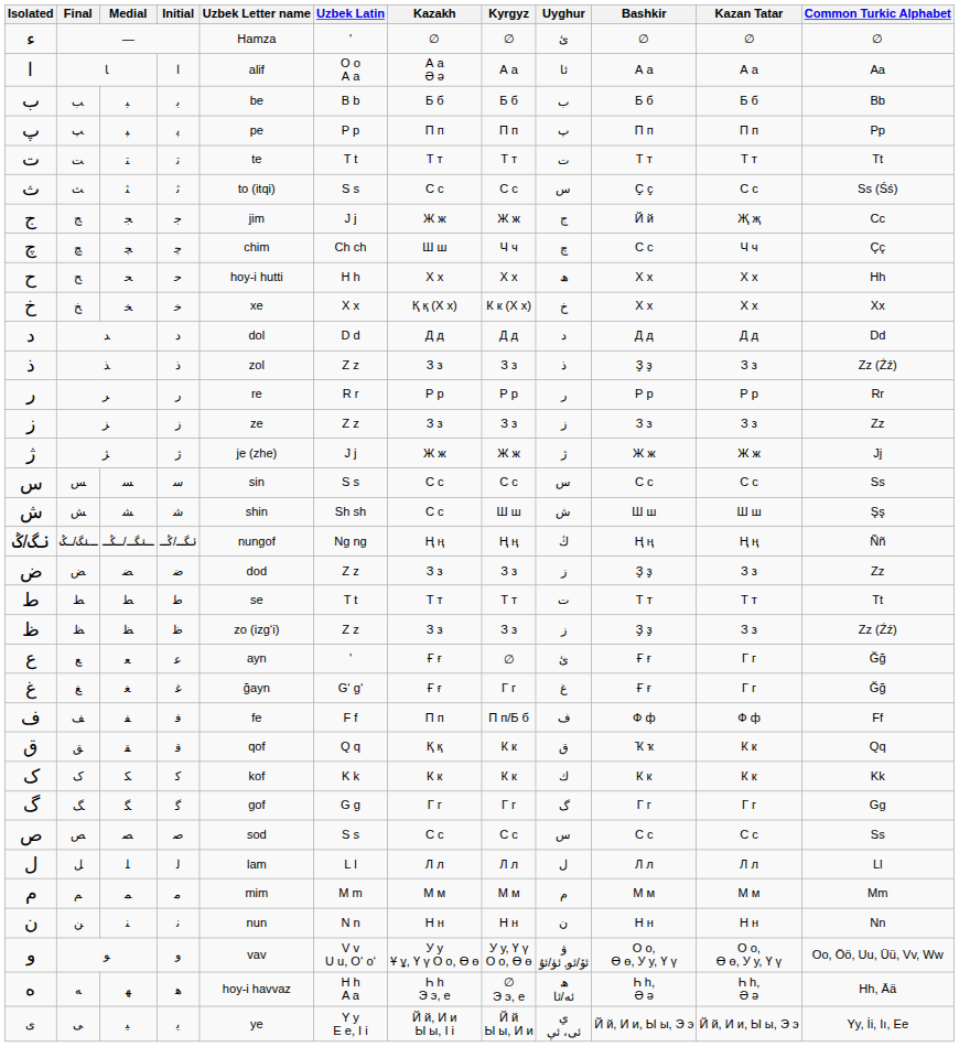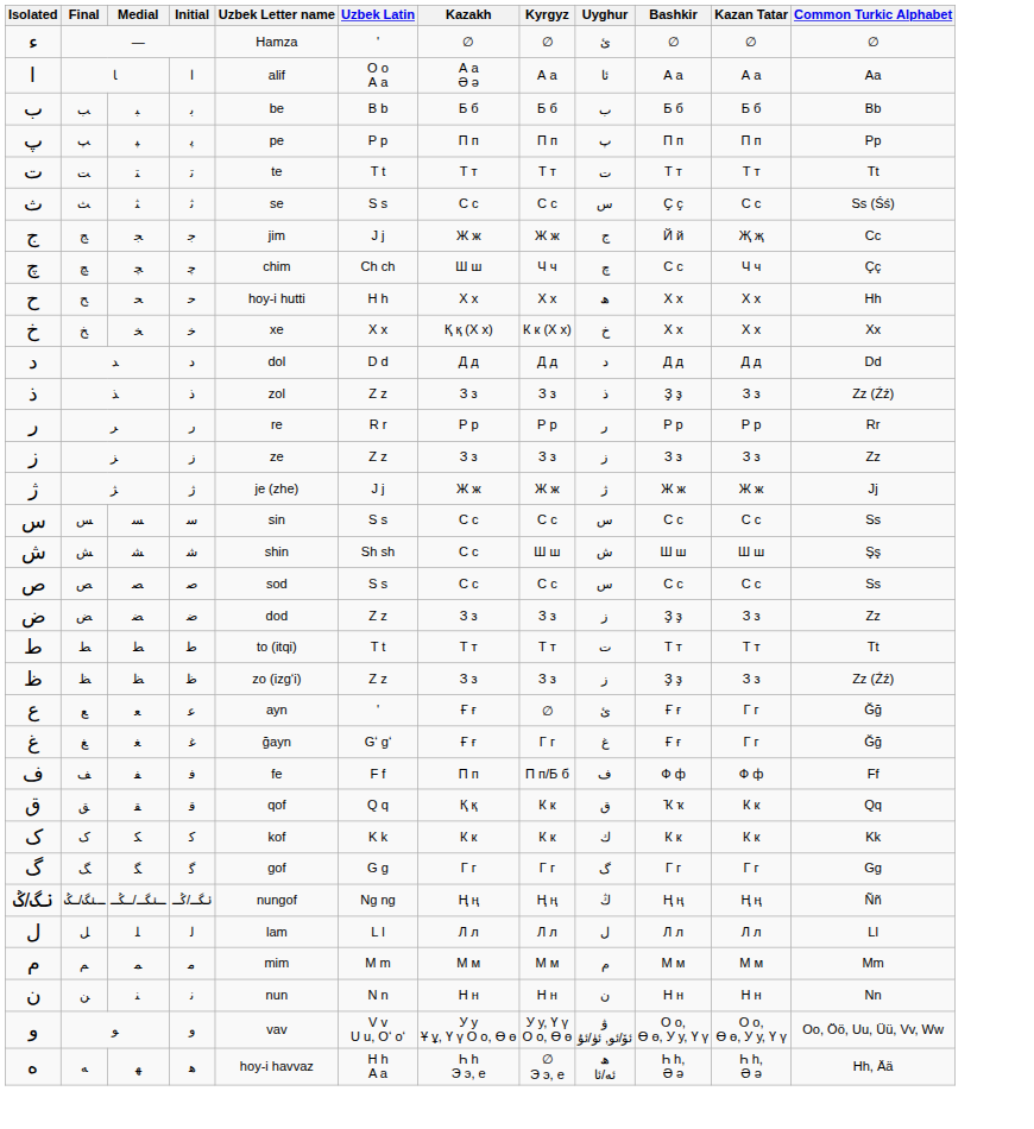 <table class="wikitable" style="text-align:center">
 <tr>
 <th>Isolated</th>
 <th>Final</th>
 <th>Medial</th>
 <th>Initial</th>
 <th>Uzbek Letter name</th>
 <th><a href='#'>Uzbek Latin</a></th>
 <th>Kazakh</th>
 <th>Kyrgyz</th>
 <th>Uyghur</th>
 <th>Bashkir</th>
 <th>Kazan Tatar</th>
 <th><a href='#'>Common Turkic Alphabet</a></th>
 </tr>
 <tr>
 <td style="font-size:150%">ﺀ</td>
 <td colspan="3">—</td>
 <td>Hamza</td>
 <td>'</td>
 <td>∅</td>
 <td>∅</td>
 <td>ئ</td>
 <td>∅</td>
 <td>∅</td>
 <td>∅</td>
 </tr>
 <tr>
 <td style="font-size:150%">ﺍ</td>
 <td colspan="2">ﺎ</td>
 <td>ﺍ</td>
 <td>alif</td>
 <td>О о<br>А а</td>
 <td>А а<br>Ә ә</td>
 <td>А а</td>
 <td>ئا</td>
 <td>А а</td>
 <td>А а</td>
 <td>Aa</td>
 </tr>
 <tr>
 <td style="font-size:150%">ﺏ</td>
 <td>ﺐ</td>
 <td>ﺒ</td>
 <td>ﺑ</td>
 <td>be</td>
 <td>B b</td>
 <td>Б б</td>
 <td>Б б</td>
 <td>ﺏ</td>
 <td>Б б</td>
 <td>Б б</td>
 <td>Bb</td>
 </tr>
 <tr>
 <td style="font-size:150%">ﭖ</td>
 <td>ﭗ</td>
 <td>ﭙ</td>
 <td>ﭘ</td>
 <td>pe</td>
 <td>P p</td>
 <td>П п</td>
 <td>П п</td>
 <td>ﭖ</td>
 <td>П п</td>
 <td>П п</td>
 <td>Pp</td>
 </tr>
 <tr>
 <td style="font-size:150%">ﺕ</td>
 <td>ﺖ</td>
 <td>ﺘ</td>
 <td>ﺗ</td>
 <td>te</td>
 <td>T t</td>
 <td>Т т</td>
 <td>Т т</td>
 <td>ﺕ</td>
 <td>Т т</td>
 <td>Т т</td>
 <td>Tt</td>
 </tr>
 <tr>
 <td style="font-size:150%">ﺙ</td>
 <td>ﺚ</td>
 <td>ﺜ</td>
 <td>ﺛ</td>
-<td>to (itqi)</td>
+<td>se</td>
 <td>S s</td>
 <td>С с</td>
 <td>С с</td>
 <td>س</td>
 <td>Ҫ ҫ</td>
 <td>С с</td>
 <td>Ss (Śś)</td>
 </tr>
 <tr>
 <td style="font-size:150%">ﺝ</td>
 <td>ﺞ</td>
 <td>ﺠ</td>
 <td>ﺟ</td>
 <td>jim</td>
 <td>J j</td>
 <td>Ж ж</td>
 <td>Ж ж</td>
 <td>ﺝ</td>
 <td>Й й</td>
 <td>Җ җ</td>
 <td>Cc</td>
 </tr>
 <tr>
 <td style="font-size:150%">ﭺ</td>
 <td>ﭻ</td>
 <td>ﭽ</td>
 <td>ﭼ</td>
 <td>chim</td>
 <td>Ch ch</td>
 <td>Ш ш</td>
 <td>Ч ч</td>
 <td>ﭺ</td>
 <td>С с</td>
 <td>Ч ч</td>
 <td>Çç</td>
 </tr>
 <tr>
 <td style="font-size:150%">ﺡ</td>
 <td>ﺢ</td>
 <td>ﺤ</td>
 <td>ﺣ</td>
 <td>hoy-i hutti</td>
 <td>H h</td>
 <td>X x</td>
 <td>X x</td>
 <td>ھ</td>
 <td>Х х</td>
 <td>Х х</td>
 <td>Hh</td>
 </tr>
 <tr>
 <td style="font-size:150%">ﺥ</td>
 <td>ﺦ</td>
 <td>ﺨ</td>
 <td>ﺧ</td>
 <td>xe</td>
 <td>X x</td>
 <td>Қ қ (Х х)</td>
 <td>К к (Х х)</td>
 <td>ﺥ</td>
 <td>Х х</td>
 <td>Х х</td>
 <td>Xx</td>
 </tr>
 <tr>
 <td style="font-size:150%">ﺩ</td>
 <td colspan="2">ﺪ</td>
 <td>ﺩ</td>
 <td>dol</td>
 <td>D d</td>
 <td>Д д</td>
 <td>Д д</td>
 <td>ﺩ</td>
 <td>Д д</td>
 <td>Д д</td>
 <td>Dd</td>
 </tr>
 <tr>
 <td style="font-size:150%">ﺫ</td>
 <td colspan="2">ﺬ</td>
 <td>ﺫ</td>
 <td>zol</td>
 <td>Z z</td>
 <td>З з</td>
 <td>З з</td>
 <td>ذ</td>
 <td>Ҙ ҙ</td>
 <td>З з</td>
 <td>Zz (Źź)</td>
 </tr>
 <tr>
 <td style="font-size:150%">ﺭ</td>
 <td colspan="2">ﺮ</td>
 <td>ﺭ</td>
 <td>re</td>
 <td>R r</td>
 <td>Р р</td>
 <td>Р р</td>
 <td>ﺭ</td>
 <td>Р р</td>
 <td>Р р</td>
 <td>Rr</td>
 </tr>
 <tr>
 <td style="font-size:150%">ﺯ</td>
 <td colspan="2">ﺰ</td>
 <td>ﺯ</td>
 <td>ze</td>
 <td>Z z</td>
 <td>З з</td>
 <td>З з</td>
 <td>ﺯ</td>
 <td>З з</td>
 <td>З з</td>
 <td>Zz</td>
 </tr>
 <tr>
 <td style="font-size:150%">ﮊ</td>
 <td colspan="2">ﮋ</td>
 <td>ﮊ</td>
 <td>je (zhe)</td>
 <td>J j</td>
 <td>Ж ж</td>
 <td>Ж ж</td>
 <td>ﮊ</td>
 <td>Ж ж</td>
 <td>Ж ж</td>
 <td>Jj</td>
 </tr>
 <tr>
 <td style="font-size:150%">ﺱ</td>
 <td>ﺲ</td>
 <td>ﺴ</td>
 <td>ﺳ</td>
 <td>sin</td>
 <td>S s</td>
 <td>С с</td>
 <td>С с</td>
 <td>ﺱ</td>
 <td>С с</td>
 <td>С с</td>
 <td>Ss</td>
 </tr>
 <tr>
 <td style="font-size:150%">ﺵ</td>
 <td>ﺶ</td>
 <td>ﺸ</td>
 <td>ﺷ</td>
 <td>shin</td>
 <td>Sh sh</td>
 <td>С с</td>
 <td>Ш ш</td>
 <td>ﺵ</td>
 <td>Ш ш</td>
 <td>Ш ш</td>
 <td>Şş</td>
 </tr>
 <tr>
-<td style="font-size:150%">نگ/ݣ</td>
-<td>ـنگ/ـݣ</td>
-<td>ـنگـ/ـݣـ</td>
-<td>نگـ/ݣـ</td>
-<td>nungof</td>
-<td>Ng ng</td>
-<td>Ң ң</td>
-<td>Ң ң</td>
-<td>ڭ</td>
-<td>Ң ң</td>
-<td>Ң ң</td>
-<td>Ññ</td>
+<td style="font-size:150%">ﺹ</td>
+<td>ﺺ</td>
+<td>ﺼ</td>
+<td>ﺻ</td>
+<td>sod</td>
+<td>S s</td>
+<td>С с</td>
+<td>С с</td>
+<td>س</td>
+<td>С с</td>
+<td>С с</td>
+<td>Ss</td>
 </tr>
 <tr>
 <td style="font-size:150%">ﺽ</td>
 <td>ﺾ</td>
 <td>ﻀ</td>
 <td>ﺿ</td>
 <td>dod</td>
 <td>Z z</td>
 <td>З з</td>
 <td>З з</td>
 <td>ز</td>
 <td>Ҙ ҙ</td>
 <td>З з</td>
 <td>Zz</td>
 </tr>
 <tr>
 <td style="font-size:150%">ﻁ</td>
 <td>ﻂ</td>
 <td>ﻄ</td>
 <td>ﻃ</td>
-<td>se</td>
+<td>to (itqi)</td>
 <td>T t</td>
 <td>Т т</td>
 <td>Т т</td>
 <td>ت</td>
 <td>Т т</td>
 <td>Т т</td>
 <td>Tt</td>
 </tr>
 <tr>
 <td style="font-size:150%">ﻅ</td>
 <td>ﻆ</td>
 <td>ﻈ</td>
 <td>ﻇ</td>
 <td>zo (izgʻi)</td>
 <td>Z z</td>
 <td>З з</td>
 <td>З з</td>
 <td>ز</td>
 <td>Ҙ ҙ</td>
 <td>З з</td>
 <td>Zz (Źź)</td>
 </tr>
 <tr>
 <td style="font-size:150%">ﻉ</td>
 <td>ﻊ</td>
 <td>ﻌ</td>
 <td>ﻋ</td>
 <td>ayn</td>
 <td>'</td>
 <td>Ғ ғ</td>
 <td>∅</td>
 <td>ئ</td>
 <td>Ғ ғ</td>
 <td>Г г</td>
 <td>Ğğ</td>
 </tr>
 <tr>
 <td style="font-size:150%">ﻍ</td>
 <td>ﻎ</td>
 <td>ﻐ</td>
 <td>ﻏ</td>
 <td>ğayn</td>
 <td>Gʻ gʻ</td>
 <td>Ғ ғ</td>
 <td>Г г</td>
 <td>ﻍ</td>
 <td>Ғ ғ</td>
 <td>Г г</td>
 <td>Ğğ</td>
 </tr>
 <tr>
 <td style="font-size:150%">ﻑ</td>
 <td>ﻒ</td>
 <td>ﻔ</td>
 <td>ﻓ</td>
 <td>fe</td>
 <td>F f</td>
 <td>П п</td>
 <td>П п/Б б</td>
 <td>ﻑ</td>
 <td>Ф ф</td>
 <td>Ф ф</td>
 <td>Ff</td>
 </tr>
 <tr>
 <td style="font-size:150%">ﻕ</td>
 <td>ﻖ</td>
 <td>ﻘ</td>
 <td>ﻗ</td>
 <td>qof</td>
 <td>Q q</td>
 <td>Қ қ</td>
 <td>К к</td>
 <td>ﻕ</td>
 <td>Ҡ ҡ</td>
 <td>К к</td>
 <td>Qq</td>
 </tr>
 <tr>
 <td style="font-size:150%">ک</td>
 <td>ک</td>
 <td>ﻜ</td>
 <td>ﻛ</td>
 <td>kof</td>
 <td>K k</td>
 <td>К к</td>
 <td>К к</td>
 <td>ك</td>
 <td>К к</td>
 <td>К к</td>
 <td>Kk</td>
 </tr>
 <tr>
 <td style="font-size:150%">ﮒ</td>
 <td>ﮓ</td>
 <td>ﮕ</td>
 <td>ﮔ</td>
 <td>gof</td>
 <td>G g</td>
 <td>Г г</td>
 <td>Г г</td>
 <td>ﮒ</td>
 <td>Г г</td>
 <td>Г г</td>
 <td>Gg</td>
 </tr>
 <tr>
-<td style="font-size:150%">ﺹ</td>
-<td>ﺺ</td>
-<td>ﺼ</td>
-<td>ﺻ</td>
-<td>sod</td>
-<td>S s</td>
-<td>С с</td>
-<td>С с</td>
-<td>س</td>
-<td>С с</td>
-<td>С с</td>
-<td>Ss</td>
+<td style="font-size:150%">نگ/ݣ</td>
+<td>ـنگ/ـݣ</td>
+<td>ـنگـ/ـݣـ</td>
+<td>نگـ/ݣـ</td>
+<td>nungof</td>
+<td>Ng ng</td>
+<td>Ң ң</td>
+<td>Ң ң</td>
+<td>ڭ</td>
+<td>Ң ң</td>
+<td>Ң ң</td>
+<td>Ññ</td>
 </tr>
 <tr>
 <td style="font-size:150%">ﻝ</td>
 <td>ﻞ</td>
 <td>ﻠ</td>
 <td>ﻟ</td>
 <td>lam</td>
 <td>L l</td>
 <td>Л л</td>
 <td>Л л</td>
 <td>ﻝ</td>
 <td>Л л</td>
 <td>Л л</td>
 <td>Ll</td>
 </tr>
 <tr>
 <td style="font-size:150%">ﻡ</td>
 <td>ﻢ</td>
 <td>ﻤ</td>
 <td>ﻣ</td>
 <td>mim</td>
 <td>M m</td>
 <td>М м</td>
 <td>М м</td>
 <td>ﻡ</td>
 <td>М м</td>
 <td>М м</td>
 <td>Mm</td>
 </tr>
 <tr>
 <td style="font-size:150%">ﻥ</td>
 <td>ﻦ</td>
 <td>ﻨ</td>
 <td>ﻧ</td>
 <td>nun</td>
 <td>N n</td>
 <td>Н н</td>
 <td>Н н</td>
 <td>ﻥ</td>
 <td>Н н</td>
 <td>Н н</td>
 <td>Nn</td>
 </tr>
 <tr>
 <td style="font-size:150%">ﻭ</td>
 <td colspan="2">ﻮ</td>
 <td>ﻭ</td>
 <td>vav</td>
 <td>V v<br>U u, Oʻ oʻ</td>
 <td>У у<br>Ұ ұ, Ү ү О о, Ө ө</td>
 <td>У у, Ү ү<br>О о, Ө ө</td>
 <td>ۋ<br>ئۆ/ئو, ئۈ/ئۇ</td>
 <td>О о,<br>Ө ө, У у,  Ү ү</td>
 <td>О о,<br>Ө ө, У у,  Ү ү</td>
 <td>Oo, Öö, Uu, Üü, Vv, Ww</td>
 </tr>
 <tr>
 <td style="font-size:150%">ﻩ</td>
 <td>ﻪ</td>
 <td>ﻬ</td>
 <td>ﻫ</td>
 <td>hoy-i havvaz</td>
 <td>H h<br>A a</td>
 <td>Һ һ<br>Э э, е</td>
 <td>∅<br>Э э, е</td>
 <td>ھ<br>ئە/ئا</td>
 <td>Һ һ,<br>Ә ә</td>
 <td>Һ һ,<br>Ә ә</td>
 <td>Hh, Ää</td>
 </tr>
-<tr>
-<td>ﻯ</td>
-<td>ﻰ</td>
-<td>ﻴ</td>
-<td>ﻳ</td>
-<td>ye</td>
-<td>Y y<br>Е e, I i</td>
-<td>Й й, И и<br>Ы ы, І і</td>
-<td>Й й<br>Ы ы, И и</td>
-<td>ي<br>ئى، ئې</td>
-<td>Й й, И и, Ы ы, Э э</td>
-<td>Й й, И и, Ы ы, Э э</td>
-<td>Yy, İi, Iı, Ee</td>
-</tr>
 </table>
